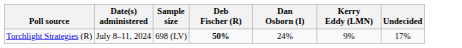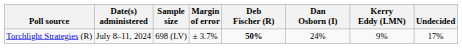 <table class="wikitable" style="font-size:90%;text-align:center;">
 <tr valign="bottom">
 <th>Poll source</th>
 <th>Date(s)<br>administered</th>
 <th>Sample<br>size</th>
+<th>Margin<br>of error</th>
 <th style="width:100px;">Deb<br>Fischer (R)</th>
 <th style="width:100px;">Dan<br>Osborn (I)</th>
 <th style="width:100px;">Kerry<br>Eddy (LMN)</th>
 <th>Undecided</th>
 </tr>
 <tr>
 <td style="text-align:left"><a href='#'>Torchlight Strategies</a> (R)</td>
 <td>July 8–11, 2024</td>
 <td>698 (LV)</td>
+<td>± 3.7%</td>
 <td><strong>50%</strong></td>
 <td>24%</td>
 <td>9%</td>
 <td>17%</td>
 </tr>
 </table>
